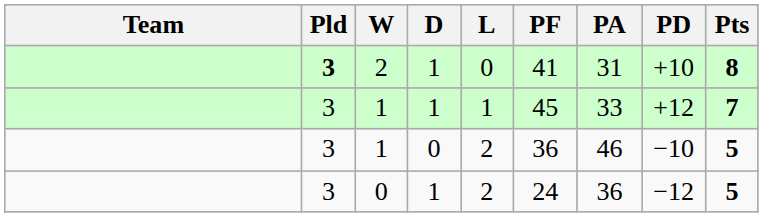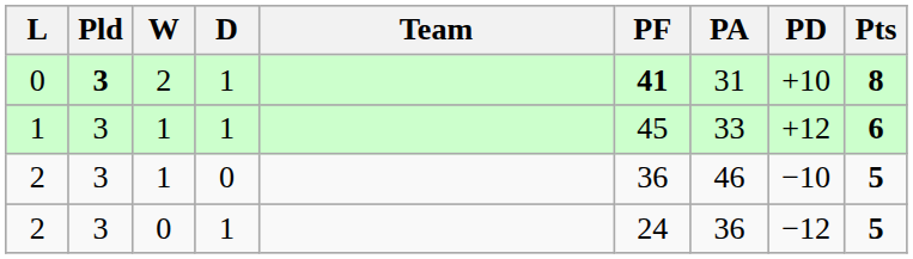 <table class="wikitable" style="text-align:center;">
 <tr>
-<th width=175>Team</th>
+<th width=25 abbr="Lost">L</th>
 <th width=25 abbr="Played">Pld</th>
 <th width=25 abbr="Won">W</th>
 <th width=25 abbr="Drawn">D</th>
-<th width=25 abbr="Lost">L</th>
+<th width=175>Team</th>
 <th width=32 abbr="Points for">PF</th>
 <th width=32 abbr="Points against">PA</th>
 <th width=32 abbr="Points difference">PD</th>
 <th width=25 abbr="Points">Pts</th>
 </tr>
 <tr bgcolor=ccffcc>
-<td align=left></td>
+<td>0</td>
 <td><strong>3</strong></td>
 <td>2</td>
 <td>1</td>
-<td>0</td>
-<td>41</td>
+<td align=left></td>
+<td><strong>41</strong></td>
 <td>31</td>
 <td>+10</td>
 <td><strong>8</strong></td>
 </tr>
 <tr bgcolor=ccffcc>
-<td align=left></td>
+<td>1</td>
 <td>3</td>
 <td>1</td>
 <td>1</td>
-<td>1</td>
+<td align=left></td>
 <td>45</td>
 <td>33</td>
 <td>+12</td>
-<td><strong>7</strong></td>
+<td><strong>6</strong></td>
 </tr>
 <tr>
-<td align=left></td>
+<td>2</td>
 <td>3</td>
 <td>1</td>
 <td>0</td>
-<td>2</td>
+<td align=left></td>
 <td>36</td>
 <td>46</td>
 <td>−10</td>
 <td><strong>5</strong></td>
 </tr>
 <tr>
-<td align=left></td>
+<td>2</td>
 <td>3</td>
 <td>0</td>
 <td>1</td>
-<td>2</td>
+<td align=left></td>
 <td>24</td>
 <td>36</td>
 <td>−12</td>
 <td><strong>5</strong></td>
 </tr>
 </table>
